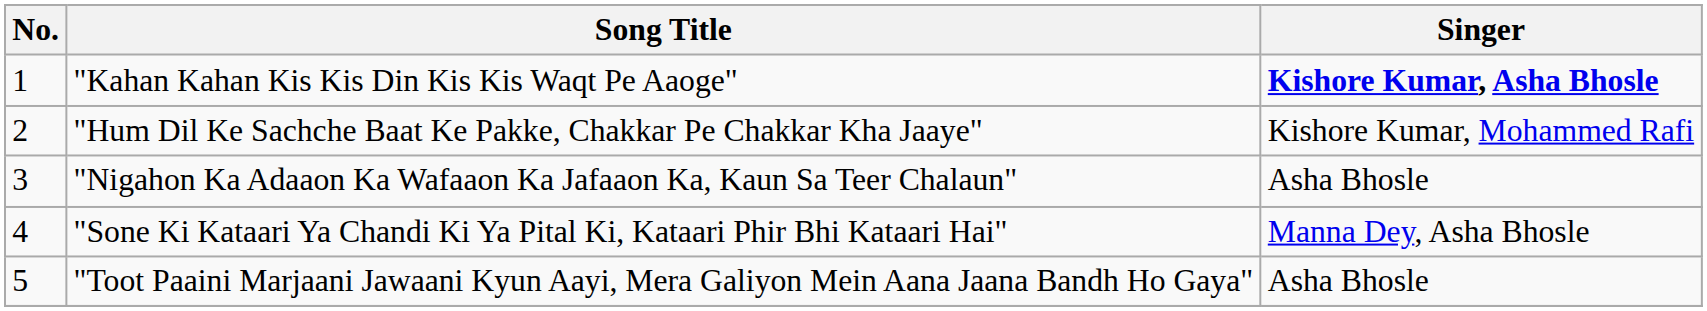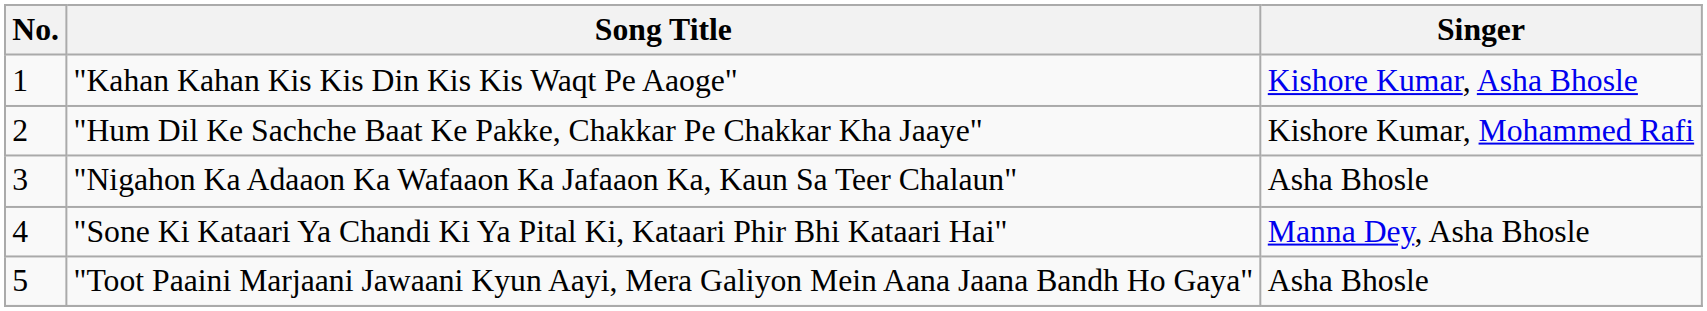 <table class="wikitable">
 <tr>
 <th>No.</th>
 <th>Song Title</th>
 <th>Singer</th>
 </tr>
 <tr>
 <td>1</td>
 <td>"Kahan Kahan Kis Kis Din Kis Kis Waqt Pe Aaoge"</td>
-<td><strong><a href='#'>Kishore Kumar</a>, <a href='#'>Asha Bhosle</a></strong></td>
+<td><a href='#'>Kishore Kumar</a>, <a href='#'>Asha Bhosle</a></td>
 </tr>
 <tr>
 <td>2</td>
 <td>"Hum Dil Ke Sachche Baat Ke Pakke, Chakkar Pe Chakkar Kha Jaaye"</td>
 <td>Kishore Kumar, <a href='#'>Mohammed Rafi</a></td>
 </tr>
 <tr>
 <td>3</td>
 <td>"Nigahon Ka Adaaon Ka Wafaaon Ka Jafaaon Ka, Kaun Sa Teer Chalaun"</td>
 <td>Asha Bhosle</td>
 </tr>
 <tr>
 <td>4</td>
 <td>"Sone Ki Kataari Ya Chandi Ki Ya Pital Ki, Kataari Phir Bhi Kataari Hai"</td>
 <td><a href='#'>Manna Dey</a>, Asha Bhosle</td>
 </tr>
 <tr>
 <td>5</td>
 <td>"Toot Paaini Marjaani Jawaani Kyun Aayi, Mera Galiyon Mein Aana Jaana Bandh Ho Gaya"</td>
 <td>Asha Bhosle</td>
 </tr>
 <tr>
 </tr>
 </table>
